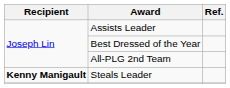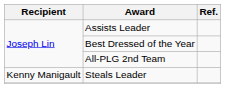 <table class="wikitable">
 <tr>
 <th>Recipient</th>
 <th>Award</th>
 <th>Ref.</th>
 </tr>
 <tr>
 <td rowspan="3"><a href='#'>Joseph Lin</a></td>
 <td>Assists Leader</td>
 <td></td>
 </tr>
 <tr>
 <td>Best Dressed of the Year</td>
 <td></td>
 </tr>
 <tr>
 <td>All-PLG 2nd Team</td>
 <td></td>
 </tr>
 <tr>
-<td><strong>Kenny Manigault</strong></td>
+<td>Kenny Manigault</td>
 <td>Steals Leader</td>
 <td></td>
 </tr>
 <tr>
 </tr>
 </table>
